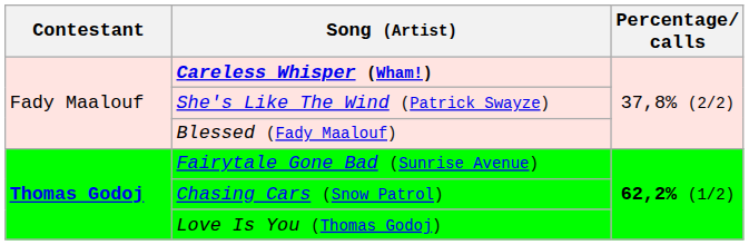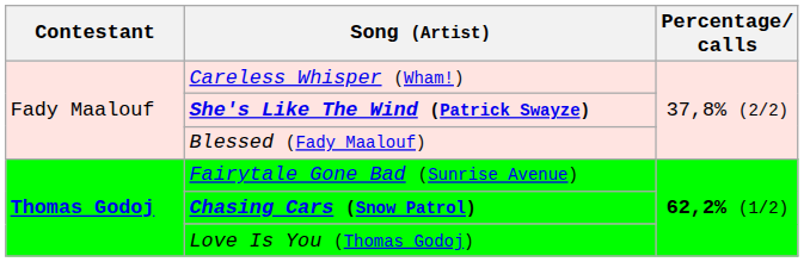 <table class="wikitable">
 <tr>
 <th width="110">Contestant</th>
 <th width="300">Song <small>(Artist)</small></th>
 <th width="28">Percentage/<br>calls</th>
 </tr>
 <tr bgcolor="#FFE4E1">
 <td align="left" rowspan="3">Fady Maalouf</td>
-<td align="left"><strong><em><a href='#'>Careless Whisper</a></em> <small>(<a href='#'>Wham!</a>)</small></strong></td>
+<td align="left"><em><a href='#'>Careless Whisper</a></em> <small>(<a href='#'>Wham!</a>)</small></td>
 <td align="center" rowspan="3">37,8% <small>(2/2)</small></td>
 </tr>
 <tr bgcolor="#FFE4E1">
-<td align="left"><em><a href='#'>She's Like The Wind</a></em> <small>(<a href='#'>Patrick Swayze</a>)</small></td>
+<td align="left"><strong><em><a href='#'>She's Like The Wind</a></em> <small>(<a href='#'>Patrick Swayze</a>)</small></strong></td>
 </tr>
 <tr bgcolor="#FFE4E1">
 <td align="left"><em>Blessed</em> <small>(<a href='#'>Fady Maalouf</a>)</small></td>
 </tr>
 <tr bgcolor="lime">
 <td align="left" rowspan="3"><strong><a href='#'>Thomas Godoj</a></strong></td>
 <td align="left"><em><a href='#'>Fairytale Gone Bad</a></em> <small>(<a href='#'>Sunrise Avenue</a>)</small></td>
 <td align="center" rowspan="3"><strong>62,2%</strong> <small>(1/2)</small></td>
 </tr>
 <tr bgcolor="Lime">
-<td align="left"><em><a href='#'>Chasing Cars</a></em> <small>(<a href='#'>Snow Patrol</a>)</small></td>
+<td align="left"><strong><em><a href='#'>Chasing Cars</a></em> <small>(<a href='#'>Snow Patrol</a>)</small></strong></td>
 </tr>
 <tr bgcolor="lime">
 <td align="left"><em>Love Is You</em> <small>(<a href='#'>Thomas Godoj</a>)</small></td>
 </tr>
 </table>
